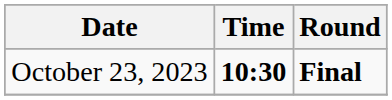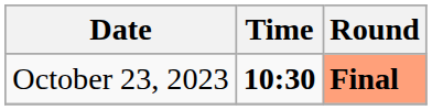 <table class="wikitable">
 <tr>
 <th>Date</th>
 <th>Time</th>
 <th>Round</th>
 </tr>
 <tr>
 <td>October 23, 2023</td>
 <td><strong>10:30</strong></td>
-<td><strong>Final</strong></td>
+<td style="background: lightsalmon;"><strong>Final</strong></td>
 </tr>
 <tr>
 </tr>
 </table>
